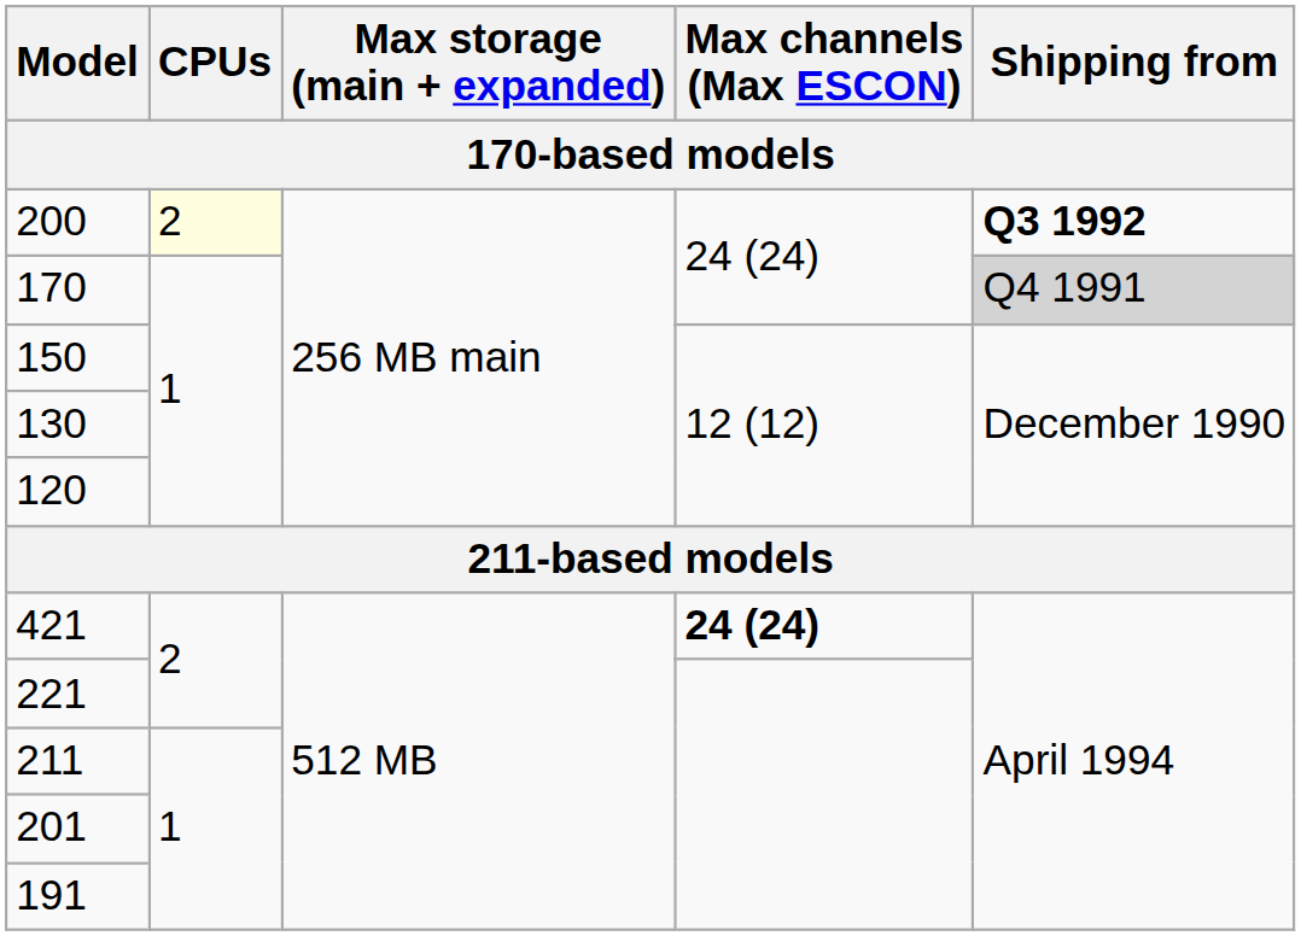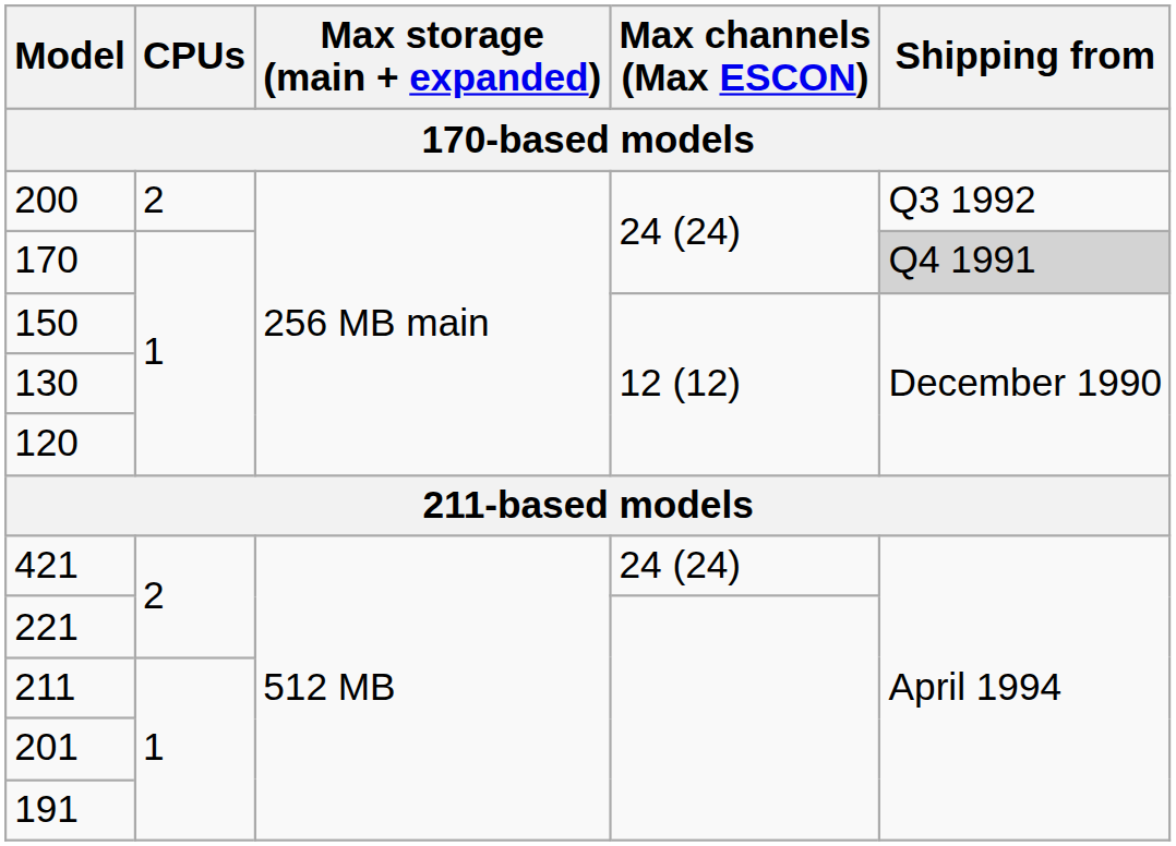 <table class="wikitable">
 <tr>
 <th>Model</th>
 <th>CPUs</th>
 <th>Max storage<br>(main + <a href='#'>expanded</a>)</th>
 <th>Max channels<br>(Max <a href='#'>ESCON</a>)</th>
 <th>Shipping from</th>
 </tr>
 <tr>
 <th scope="col" colspan="8">170-based models</th>
 </tr>
 <tr>
 <td>200</td>
-<td style="background: lightyellow;">2</td>
+<td>2</td>
 <td rowspan="5">256 MB main</td>
 <td rowspan="2">24 (24)</td>
-<td><strong>Q3 1992</strong></td>
+<td>Q3 1992</td>
 </tr>
 <tr>
 <td>170</td>
 <td rowspan="4">1</td>
 <td style="background: lightgrey;">Q4 1991</td>
 </tr>
 <tr>
 <td>150</td>
 <td rowspan="3">12 (12)</td>
 <td rowspan="3">December 1990</td>
 </tr>
 <tr>
 <td>130</td>
 </tr>
 <tr>
 <td>120</td>
 </tr>
 <tr>
 <th scope="col" colspan="8">211-based models</th>
 </tr>
 <tr>
 <td>421</td>
 <td rowspan="2">2</td>
 <td rowspan="5">512 MB</td>
-<td><strong>24 (24)</strong></td>
+<td>24 (24)</td>
 <td rowspan="5">April 1994</td>
 </tr>
 <tr>
 <td>221</td>
 </tr>
 <tr>
 <td>211</td>
 <td rowspan="4">1</td>
 </tr>
 <tr>
 <td>201</td>
 </tr>
 <tr>
 <td>191</td>
 </tr>
 </table>
